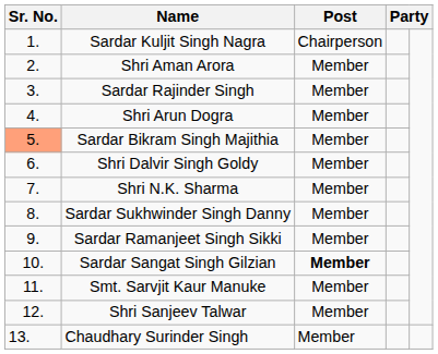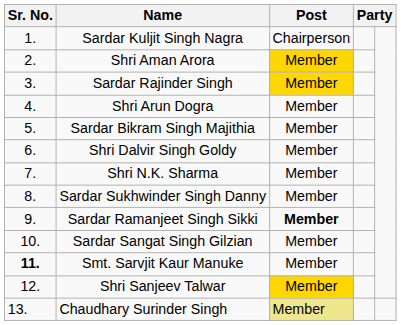 <table class="wikitable sortable">
 <tr>
 <th>Sr. No.</th>
 <th>Name</th>
 <th>Post</th>
 <th colspan="2">Party</th>
 </tr>
 <tr align="center">
 <td>1.</td>
 <td>Sardar  Kuljit Singh Nagra</td>
 <td>Chairperson</td>
 <td></td>
 </tr>
 <tr align="center">
 <td>2.</td>
 <td>Shri Aman Arora</td>
-<td>Member</td>
+<td style="background: gold;">Member</td>
 <td></td>
 </tr>
 <tr align="center">
 <td>3.</td>
 <td>Sardar Rajinder Singh</td>
-<td>Member</td>
+<td style="background: gold;">Member</td>
 <td></td>
 </tr>
 <tr align="center">
 <td>4.</td>
 <td>Shri Arun Dogra</td>
 <td>Member</td>
 <td></td>
 </tr>
 <tr align="center">
-<td style="background: lightsalmon;">5.</td>
+<td>5.</td>
 <td>Sardar Bikram Singh Majithia</td>
 <td>Member</td>
 <td></td>
 </tr>
 <tr align="center">
 <td>6.</td>
 <td>Shri Dalvir Singh Goldy</td>
 <td>Member</td>
 <td></td>
 </tr>
 <tr align="center">
 <td>7.</td>
 <td>Shri N.K. Sharma</td>
 <td>Member</td>
 <td></td>
 </tr>
 <tr align="center">
 <td>8.</td>
 <td>Sardar Sukhwinder Singh Danny</td>
 <td>Member</td>
 <td></td>
 </tr>
 <tr align="center">
 <td>9.</td>
 <td>Sardar Ramanjeet Singh Sikki</td>
-<td>Member</td>
+<td><strong>Member</strong></td>
 <td></td>
 </tr>
 <tr align="center">
 <td>10.</td>
 <td>Sardar Sangat Singh Gilzian</td>
-<td><strong>Member</strong></td>
+<td>Member</td>
 <td></td>
 </tr>
 <tr align="center">
-<td>11.</td>
+<td><strong>11.</strong></td>
 <td>Smt. Sarvjit Kaur Manuke</td>
 <td>Member</td>
 <td></td>
 </tr>
 <tr align="center">
 <td>12.</td>
 <td>Shri  Sanjeev Talwar</td>
-<td>Member</td>
+<td style="background: gold;">Member</td>
 <td></td>
 </tr>
 <tr>
 <td>13.</td>
 <td>Chaudhary Surinder Singh</td>
-<td>Member</td>
+<td style="background: khaki;">Member</td>
 <td></td>
 <td></td>
 </tr>
 </table>
